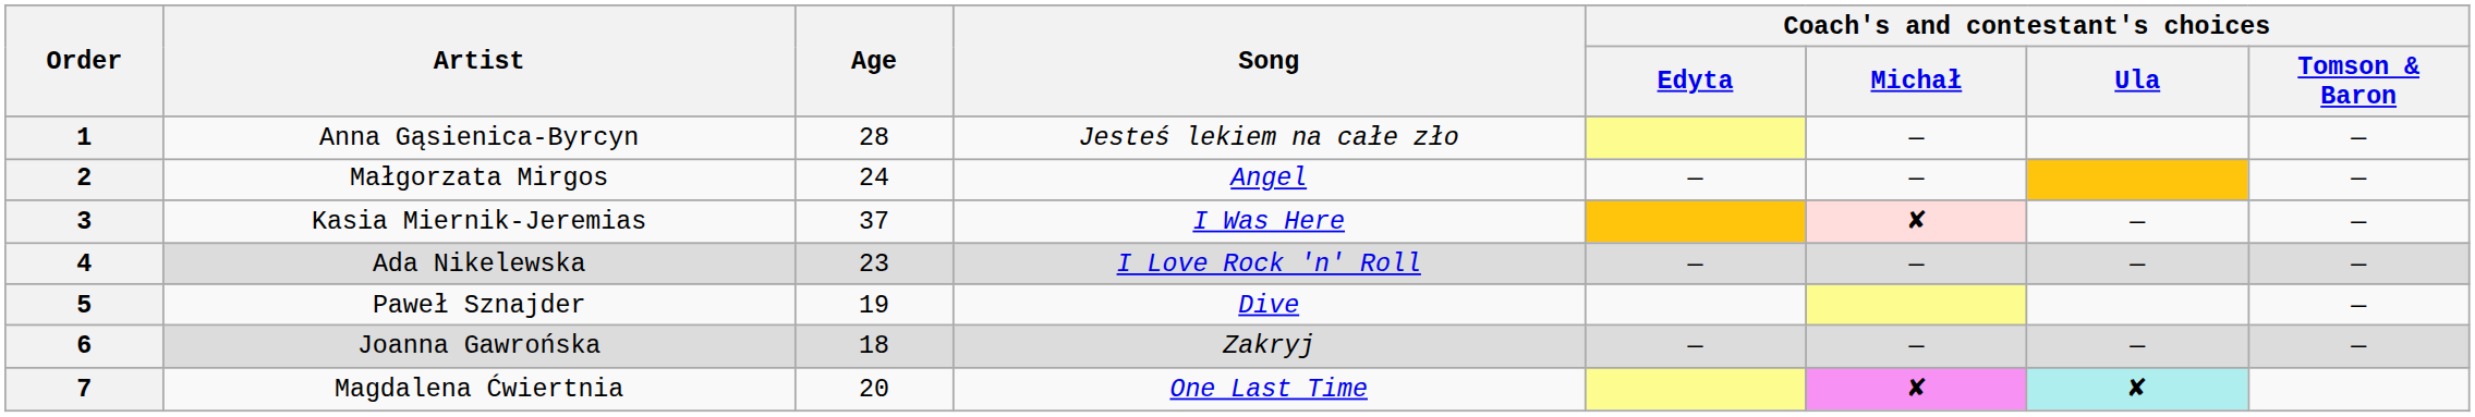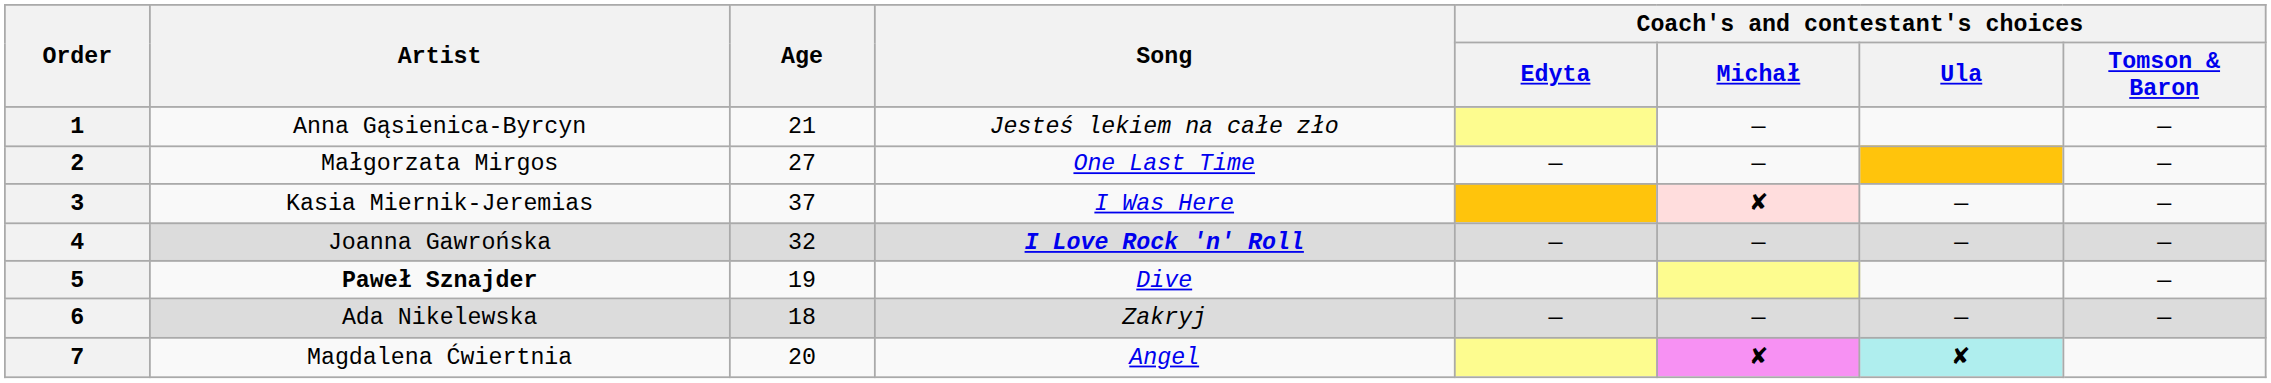 <table class="wikitable" style="text-align:center; width:100%;">
 <tr>
 <th scope="col" rowspan="2" style="width:05%;">Order</th>
 <th scope="col" rowspan="2" style="width:20%;">Artist</th>
 <th scope="col" rowspan="2" style="width:05%;">Age</th>
 <th scope="col" rowspan="2" style="width:20%;">Song</th>
 <th scope="col" colspan="4" style="width:32%;">Coach's and contestant's choices</th>
 </tr>
 <tr>
 <th style="width:07%;"><a href='#'>Edyta</a></th>
 <th style="width:07%;"><a href='#'>Michał</a></th>
 <th style="width:07%;"><a href='#'>Ula</a></th>
 <th style="width:07%;"><a href='#'>Tomson & Baron</a></th>
 </tr>
 <tr>
 <th>1</th>
 <td>Anna Gąsienica-Byrcyn</td>
-<td>28</td>
+<td>21</td>
 <td><em>Jesteś lekiem na całe zło</em></td>
 <td style="background:#fdfc8f;"><strong></strong></td>
 <td>—</td>
 <td><strong></strong></td>
 <td>—</td>
 </tr>
 <tr>
 <th>2</th>
 <td>Małgorzata Mirgos</td>
-<td>24</td>
-<td><em><a href='#'>Angel</a></em></td>
+<td>27</td>
+<td><em><a href='#'>One Last Time</a></em></td>
 <td>—</td>
 <td>—</td>
 <td style="background:#ffc40c;"><strong></strong></td>
 <td>—</td>
 </tr>
 <tr>
 <th>3</th>
 <td>Kasia Miernik-Jeremias</td>
 <td>37</td>
 <td><em><a href='#'>I Was Here</a></em></td>
 <td style="background:#ffc40c;"><strong></strong></td>
 <td style="background:#ffdddd;"> ✘ </td>
 <td>—</td>
 <td>—</td>
 </tr>
 <tr>
 <th>4</th>
-<td style="background:#DCDCDC;">Ada Nikelewska</td>
-<td style="background:#DCDCDC;">23</td>
-<td style="background:#DCDCDC;"><em><a href='#'>I Love Rock 'n' Roll</a></em></td>
+<td style="background:#DCDCDC;">Joanna Gawrońska</td>
+<td style="background:#DCDCDC;">32</td>
+<td style="background:#DCDCDC;"><strong><em><a href='#'>I Love Rock 'n' Roll</a></em></strong></td>
 <td style="background:#DCDCDC;">—</td>
 <td style="background:#DCDCDC;">—</td>
 <td style="background:#DCDCDC;">—</td>
 <td style="background:#DCDCDC;">—</td>
 </tr>
 <tr>
 <th>5</th>
-<td>Paweł Sznajder</td>
+<td><strong>Paweł Sznajder</strong></td>
 <td>19</td>
 <td><em><a href='#'>Dive</a></em></td>
 <td><strong></strong></td>
 <td style="background:#fdfc8f;"><strong></strong></td>
 <td><strong></strong></td>
 <td>—</td>
 </tr>
 <tr>
 <th>6</th>
-<td style="background:#DCDCDC;">Joanna Gawrońska</td>
+<td style="background:#DCDCDC;">Ada Nikelewska</td>
 <td style="background:#DCDCDC;">18</td>
 <td style="background:#DCDCDC;"><em>Zakryj</em></td>
 <td style="background:#DCDCDC;">—</td>
 <td style="background:#DCDCDC;">—</td>
 <td style="background:#DCDCDC;">—</td>
 <td style="background:#DCDCDC;">—</td>
 </tr>
 <tr>
 <th>7</th>
 <td>Magdalena Ćwiertnia</td>
 <td>20</td>
-<td><em><a href='#'>One Last Time</a></em></td>
+<td><em><a href='#'>Angel</a></em></td>
 <td style="background:#fdfc8f;"><strong></strong></td>
 <td style="background:#f791f3;"> ✘ </td>
 <td style="background:#afeeee;"> ✘ </td>
 <td><strong></strong></td>
 </tr>
 </table>
